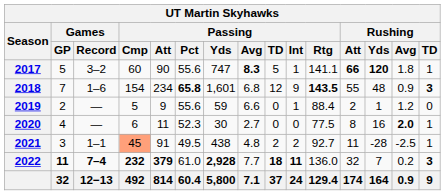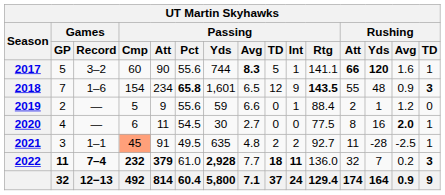 <table class="wikitable" style="text-align:center;">
 <tr>
 <th colspan="16">UT Martin Skyhawks</th>
 </tr>
 <tr>
 <th rowspan="2">Season</th>
 <th colspan="2">Games</th>
 <th colspan="8">Passing</th>
 <th colspan="4">Rushing</th>
 </tr>
 <tr>
 <th>GP</th>
 <th>Record</th>
 <th>Cmp</th>
 <th>Att</th>
 <th>Pct</th>
 <th>Yds</th>
 <th>Avg</th>
 <th>TD</th>
 <th>Int</th>
 <th>Rtg</th>
 <th>Att</th>
 <th>Yds</th>
 <th>Avg</th>
 <th>TD</th>
 </tr>
 <tr>
 <th><a href='#'>2017</a></th>
 <td>5</td>
 <td>3–2</td>
 <td>60</td>
 <td>90</td>
 <td>55.6</td>
-<td>747</td>
+<td>744</td>
 <td><strong>8.3</strong></td>
 <td>5</td>
 <td>1</td>
 <td>141.1</td>
 <td><strong>66</strong></td>
 <td><strong>120</strong></td>
-<td>1.8</td>
+<td>1.6</td>
 <td>1</td>
 </tr>
 <tr>
 <th><a href='#'>2018</a></th>
 <td>7</td>
 <td>1–6</td>
 <td>154</td>
 <td>234</td>
 <td><strong>65.8</strong></td>
 <td>1,601</td>
-<td>6.8</td>
+<td>6.5</td>
 <td>12</td>
 <td>9</td>
 <td><strong>143.5</strong></td>
 <td>55</td>
 <td>48</td>
 <td>0.9</td>
 <td><strong>3</strong></td>
 </tr>
 <tr>
 <th><a href='#'>2019</a></th>
 <td>2</td>
 <td>—</td>
 <td>5</td>
 <td>9</td>
 <td>55.6</td>
 <td>59</td>
 <td>6.6</td>
 <td>0</td>
 <td>1</td>
 <td>88.4</td>
 <td>2</td>
 <td>1</td>
 <td>1.2</td>
 <td>0</td>
 </tr>
 <tr>
 <th><a href='#'>2020</a></th>
 <td>4</td>
 <td>—</td>
 <td>6</td>
 <td>11</td>
-<td>52.3</td>
+<td>54.5</td>
 <td>30</td>
 <td>2.7</td>
 <td>0</td>
 <td>0</td>
 <td>77.5</td>
 <td>8</td>
 <td>16</td>
 <td><strong>2.0</strong></td>
 <td>1</td>
 </tr>
 <tr>
 <th><a href='#'>2021</a></th>
 <td>3</td>
 <td>1–1</td>
 <td style="background: lightsalmon;">45</td>
 <td>91</td>
 <td>49.5</td>
-<td>438</td>
+<td>635</td>
 <td>4.8</td>
 <td>2</td>
 <td>2</td>
 <td>92.7</td>
 <td>11</td>
 <td>-28</td>
 <td>-2.5</td>
 <td>1</td>
 </tr>
 <tr>
 <th><a href='#'>2022</a></th>
 <td><strong>11</strong></td>
 <td><strong>7–4</strong></td>
 <td><strong>232</strong></td>
 <td><strong>379</strong></td>
 <td>61.0</td>
 <td><strong>2,928</strong></td>
 <td>7.7</td>
 <td><strong>18</strong></td>
 <td><strong>11</strong></td>
 <td>136.0</td>
 <td>32</td>
 <td>7</td>
 <td>0.2</td>
 <td><strong>3</strong></td>
 </tr>
 <tr>
 <th></th>
 <th>32</th>
 <th>12−13</th>
 <th>492</th>
 <th>814</th>
 <th>60.4</th>
 <th>5,800</th>
 <th>7.1</th>
 <th>37</th>
 <th>24</th>
 <th>129.4</th>
 <th>174</th>
 <th>164</th>
 <th>0.9</th>
 <th>9</th>
 </tr>
 </table>
